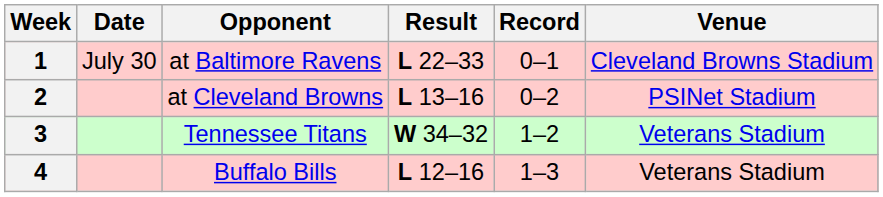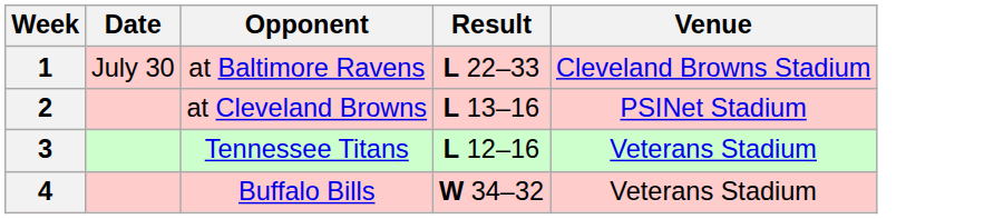 <table class="wikitable" style="text-align:center">
 <tr>
 <th>Week</th>
 <th>Date</th>
 <th>Opponent</th>
 <th>Result</th>
-<th>Record</th>
 <th>Venue</th>
 </tr>
 <tr style="background:#fcc">
 <th>1</th>
 <td>July 30</td>
 <td>at <a href='#'>Baltimore Ravens</a></td>
 <td><strong>L</strong> 22–33</td>
-<td>0–1</td>
 <td><a href='#'>Cleveland Browns Stadium</a></td>
 </tr>
 <tr style="background:#fcc">
 <th>2</th>
 <td></td>
 <td>at <a href='#'>Cleveland Browns</a></td>
 <td><strong>L</strong> 13–16</td>
-<td>0–2</td>
 <td><a href='#'>PSINet Stadium</a></td>
 </tr>
 <tr style="background:#cfc">
 <th>3</th>
 <td></td>
 <td><a href='#'>Tennessee Titans</a></td>
-<td><strong>W</strong> 34–32</td>
-<td>1–2</td>
+<td><strong>L</strong> 12–16</td>
 <td><a href='#'>Veterans Stadium</a></td>
 </tr>
 <tr style="background:#fcc">
 <th>4</th>
 <td></td>
 <td><a href='#'>Buffalo Bills</a></td>
-<td><strong>L</strong> 12–16</td>
-<td>1–3</td>
+<td><strong>W</strong> 34–32</td>
 <td>Veterans Stadium</td>
 </tr>
 </table>
